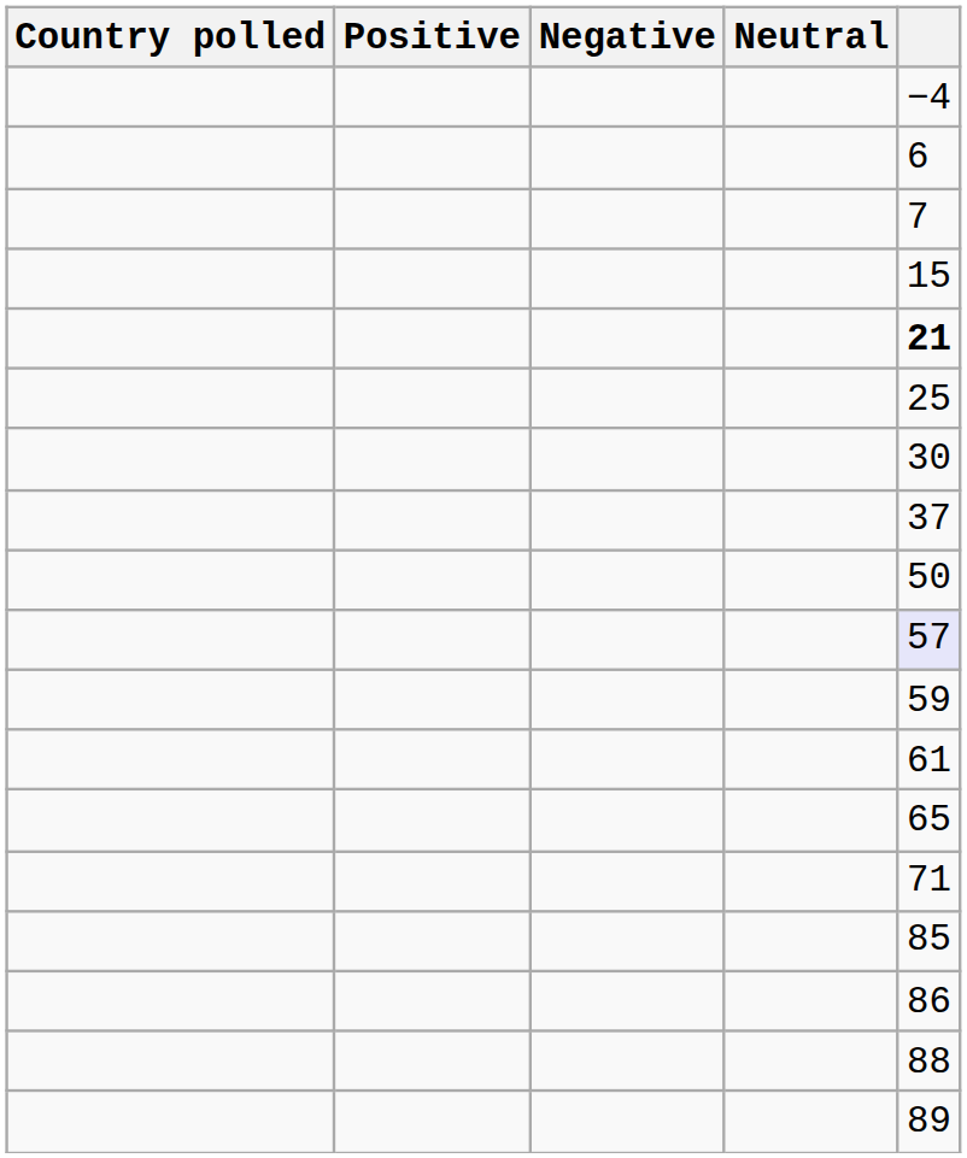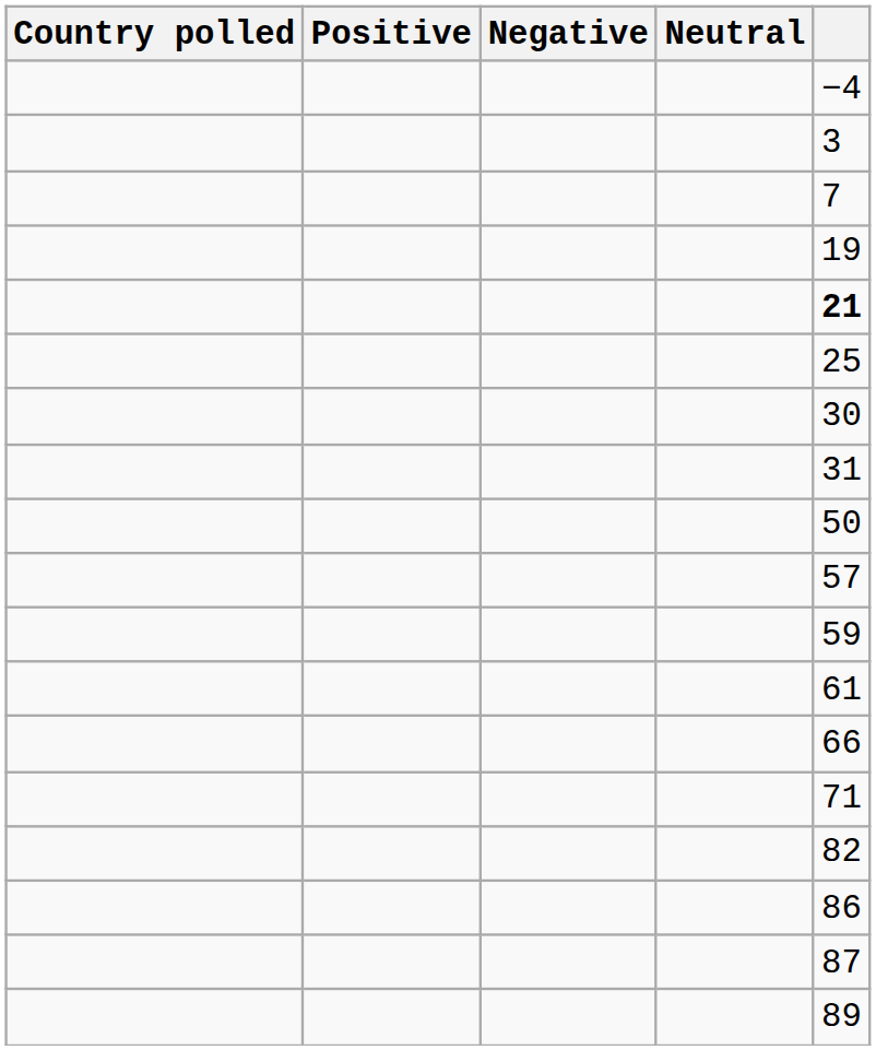 <table class="wikitable sortable" style="float:right; margin-left:1em;">
 <tr>
 <th>Country polled</th>
 <th>Positive</th>
 <th>Negative</th>
 <th>Neutral</th>
 <th></th>
 </tr>
 <tr>
 <td></td>
 <td></td>
 <td></td>
 <td></td>
 <td><span>−4</span></td>
 </tr>
 <tr>
 <td></td>
 <td></td>
 <td></td>
 <td></td>
-<td><span>6</span></td>
+<td><span>3</span></td>
 </tr>
 <tr>
 <td></td>
 <td></td>
 <td></td>
 <td></td>
 <td><span>7</span></td>
 </tr>
 <tr>
 <td></td>
 <td></td>
 <td></td>
 <td></td>
-<td><span>15</span></td>
+<td><span>19</span></td>
 </tr>
 <tr>
 <td></td>
 <td></td>
 <td></td>
 <td></td>
 <td><strong><span>21</span></strong></td>
 </tr>
 <tr>
 <td></td>
 <td></td>
 <td></td>
 <td></td>
 <td><span>25</span></td>
 </tr>
 <tr>
 <td></td>
 <td></td>
 <td></td>
 <td></td>
 <td><span>30</span></td>
 </tr>
 <tr>
 <td></td>
 <td></td>
 <td></td>
 <td></td>
-<td><span>37</span></td>
+<td><span>31</span></td>
 </tr>
 <tr>
 <td></td>
 <td></td>
 <td></td>
 <td></td>
 <td><span>50</span></td>
 </tr>
 <tr>
 <td></td>
 <td></td>
 <td></td>
 <td></td>
-<td style="background: lavender;"><span>57</span></td>
+<td><span>57</span></td>
 </tr>
 <tr>
 <td></td>
 <td></td>
 <td></td>
 <td></td>
 <td><span>59</span></td>
 </tr>
 <tr>
 <td></td>
 <td></td>
 <td></td>
 <td></td>
 <td><span>61</span></td>
 </tr>
 <tr>
 <td></td>
 <td></td>
 <td></td>
 <td></td>
-<td><span>65</span></td>
+<td><span>66</span></td>
 </tr>
 <tr>
 <td></td>
 <td></td>
 <td></td>
 <td></td>
 <td><span>71</span></td>
 </tr>
 <tr>
 <td></td>
 <td></td>
 <td></td>
 <td></td>
-<td><span>85</span></td>
+<td><span>82</span></td>
 </tr>
 <tr>
 <td></td>
 <td></td>
 <td></td>
 <td></td>
 <td><span>86</span></td>
 </tr>
 <tr>
 <td></td>
 <td></td>
 <td></td>
 <td></td>
-<td><span>88</span></td>
+<td><span>87</span></td>
 </tr>
 <tr>
 <td></td>
 <td></td>
 <td></td>
 <td></td>
 <td><span>89</span></td>
 </tr>
 </table>
